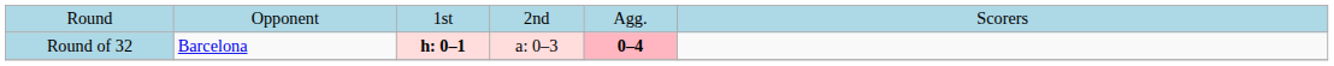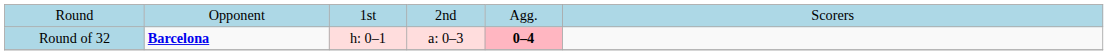 <table class="wikitable" style="text-align:center">
 <tr bgcolor=lightblue>
 <td width=150px>Round</td>
 <td width=200px>Opponent</td>
 <td width=80px>1st</td>
 <td width=80px>2nd</td>
 <td width=80px>Agg.</td>
 <td width=600px>Scorers</td>
 </tr>
 <tr>
 <td bgcolor=lightblue>Round of 32</td>
-<td align=left> <a href='#'>Barcelona</a></td>
-<td bgcolor="#ffdddd"><strong>h: 0–1</strong></td>
+<td align=left><strong> <a href='#'>Barcelona</a></strong></td>
+<td bgcolor="#ffdddd">h: 0–1</td>
 <td bgcolor="#ffdddd">a: 0–3</td>
 <td bgcolor=lightpink><strong>0–4</strong></td>
 <td align=left></td>
 </tr>
 <tr>
 </tr>
 </table>
